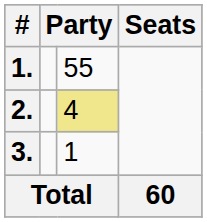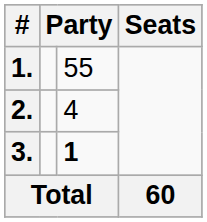 <table class="wikitable sortable">
 <tr>
 <th>#</th>
 <th colspan="2">Party</th>
 <th>Seats</th>
 </tr>
 <tr>
 <th>1.</th>
 <td></td>
 <td>55</td>
 </tr>
 <tr>
 <th>2.</th>
 <td></td>
-<td style="background: khaki;">4</td>
+<td>4</td>
 </tr>
 <tr>
 <th>3.</th>
 <td></td>
-<td>1</td>
+<td><strong>1</strong></td>
 </tr>
 <tr>
 <th colspan="3">Total</th>
 <th>60</th>
 </tr>
 </table>
